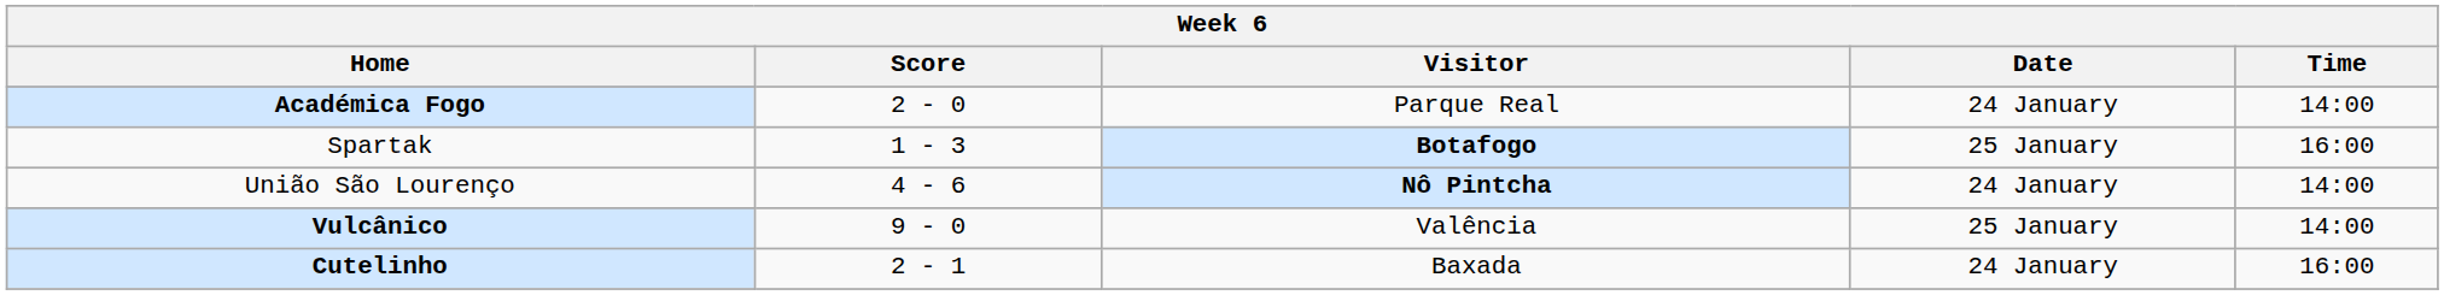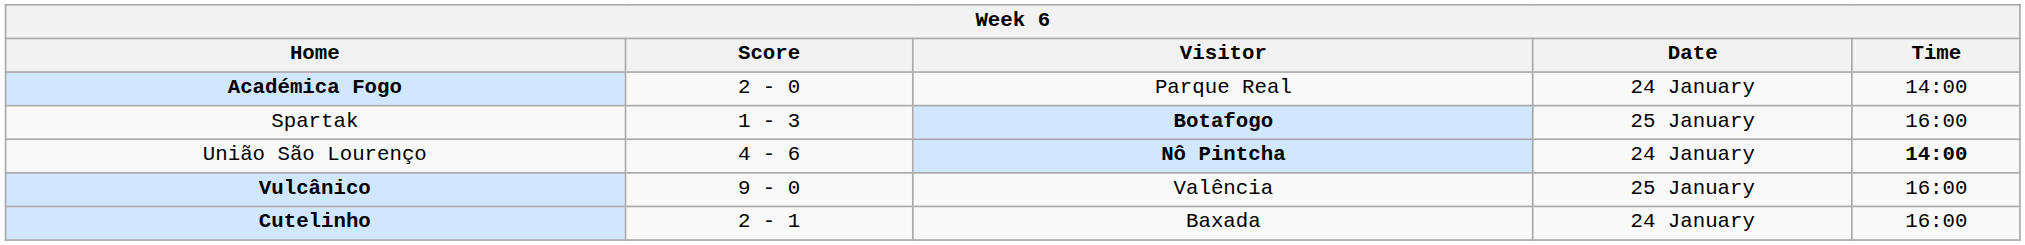 <table class="wikitable" style="margin:1em auto; font-size:95%; text-align: center; width: 95%;">
 <tr>
 <th colspan="12"  style="with:100%;">Week 6</th>
 </tr>
 <tr>
 <th style="width:200px;">Home</th>
 <th width="90">Score</th>
 <th style="width:200px;">Visitor</th>
 <th style="width:100px;">Date</th>
 <th style="width:50px;">Time</th>
 </tr>
 <tr>
 <td bgcolor=#D0E7FF><strong>Académica Fogo</strong></td>
 <td>2 - 0</td>
 <td>Parque Real</td>
 <td>24 January</td>
 <td>14:00</td>
 </tr>
 <tr>
 <td>Spartak</td>
 <td>1 - 3</td>
 <td bgcolor=#D0E7FF><strong>Botafogo</strong></td>
 <td>25 January</td>
 <td>16:00</td>
 </tr>
 <tr>
 <td>União São Lourenço</td>
 <td>4 - 6</td>
 <td bgcolor=#D0E7FF><strong>Nô Pintcha</strong></td>
 <td>24 January</td>
-<td>14:00</td>
+<td><strong>14:00</strong></td>
 </tr>
 <tr>
 <td bgcolor=#D0E7FF><strong>Vulcânico</strong></td>
 <td>9 - 0</td>
 <td>Valência</td>
 <td>25 January</td>
-<td>14:00</td>
+<td>16:00</td>
 </tr>
 <tr>
 <td bgcolor=#D0E7FF><strong>Cutelinho</strong></td>
 <td>2 - 1</td>
 <td>Baxada</td>
 <td>24 January</td>
 <td>16:00</td>
 </tr>
 </table>
